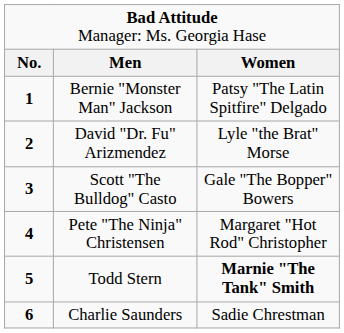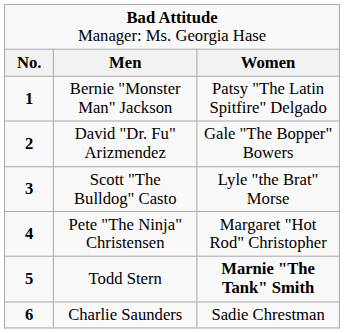 <table class="wikitable" style="text-align:center">
 <tr>
 <td colspan="3"><strong>Bad Attitude</strong><br>Manager: Ms. Georgia Hase</td>
 </tr>
 <tr>
 <th style="width:40px;">No.</th>
 <th style="width:130px;">Men</th>
 <th style="width:130px;">Women</th>
 </tr>
 <tr>
 <td><strong>1</strong></td>
 <td>Bernie "Monster Man" Jackson</td>
 <td>Patsy "The Latin Spitfire" Delgado</td>
 </tr>
 <tr>
 <td><strong>2</strong></td>
 <td>David "Dr. Fu" Arizmendez</td>
-<td>Lyle "the Brat" Morse</td>
+<td>Gale "The Bopper" Bowers</td>
 </tr>
 <tr>
 <td><strong>3</strong></td>
 <td>Scott "The Bulldog" Casto</td>
-<td>Gale "The Bopper" Bowers</td>
+<td>Lyle "the Brat" Morse</td>
 </tr>
 <tr>
 <td><strong>4</strong></td>
 <td>Pete "The Ninja" Christensen</td>
 <td>Margaret "Hot Rod" Christopher</td>
 </tr>
 <tr>
 <td><strong>5</strong></td>
 <td>Todd Stern</td>
 <td><strong>Marnie "The Tank" Smith</strong></td>
 </tr>
 <tr>
 <td><strong>6</strong></td>
 <td>Charlie Saunders</td>
 <td>Sadie Chrestman</td>
 </tr>
 </table>
